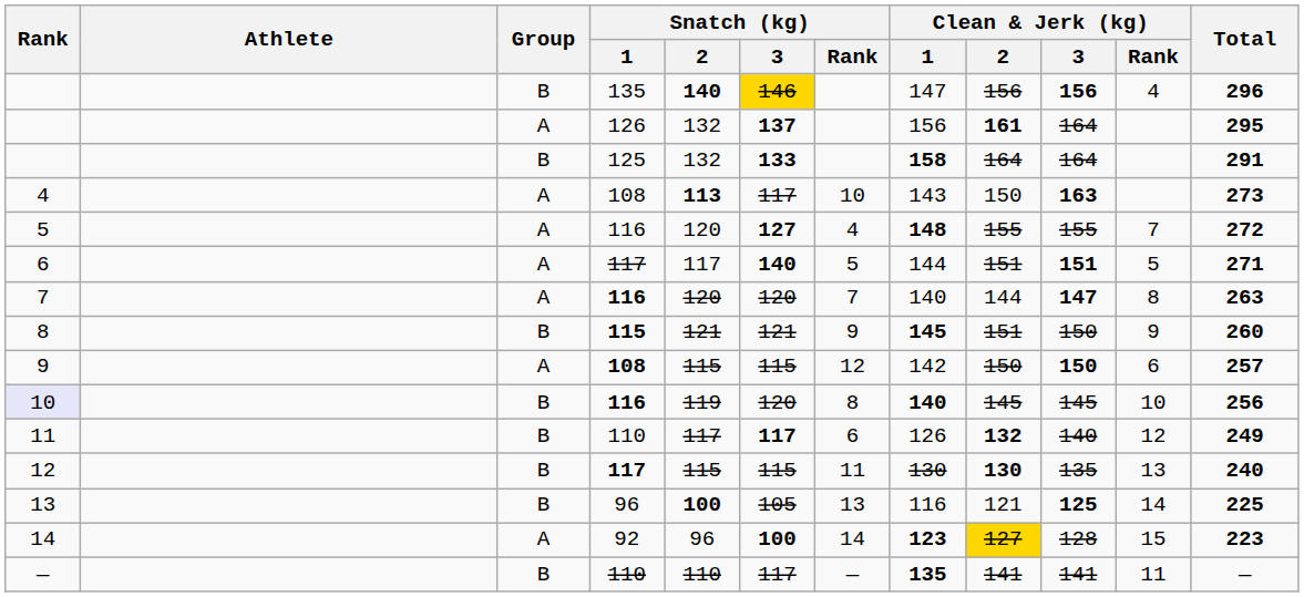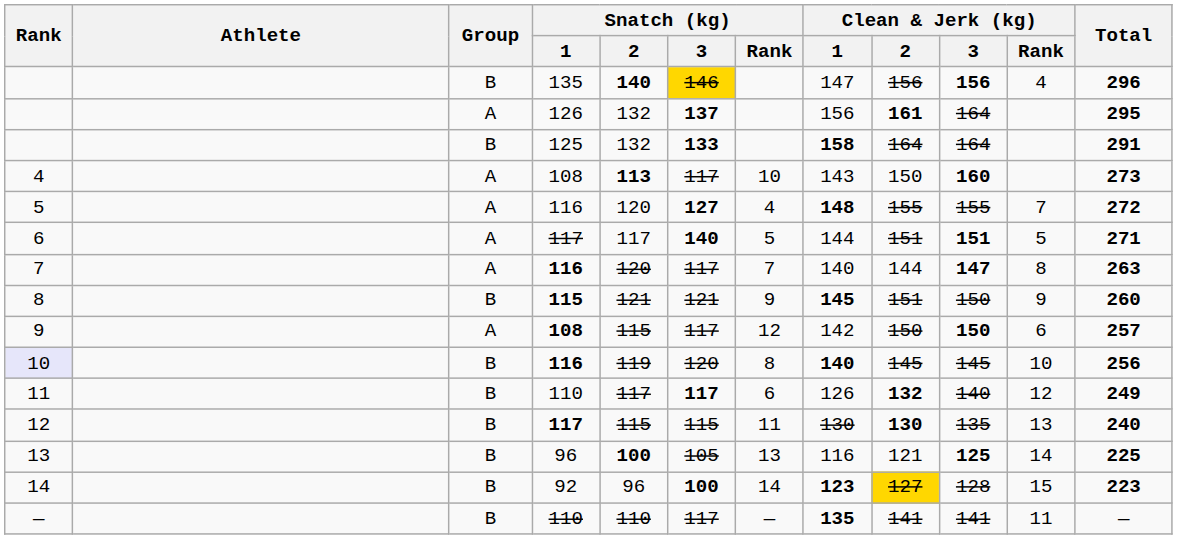 <table class = "wikitable" style="text-align:center;">
 <tr>
 <th rowspan=2 width=40>Rank</th>
 <th rowspan=2 width=250>Athlete</th>
 <th rowspan=2 width=50>Group</th>
 <th colspan=4>Snatch (kg)</th>
 <th colspan=4>Clean & Jerk (kg)</th>
 <th rowspan=2 width=60>Total</th>
 </tr>
 <tr>
 <th width=40>1</th>
 <th width=40>2</th>
 <th width=40>3</th>
 <th width=40>Rank</th>
 <th width=40>1</th>
 <th width=40>2</th>
 <th width=40>3</th>
 <th width=40>Rank</th>
 </tr>
 <tr>
 <td></td>
 <td align=left></td>
 <td>B</td>
 <td>135</td>
 <td><strong>140</strong></td>
 <td style="background: gold;"><s>146</s></td>
 <td></td>
 <td>147</td>
 <td><s>156</s></td>
 <td><strong>156</strong></td>
 <td>4</td>
 <td><strong>296</strong></td>
 </tr>
 <tr>
 <td></td>
 <td align=left></td>
 <td>A</td>
 <td>126</td>
 <td>132</td>
 <td><strong>137</strong></td>
 <td></td>
 <td>156</td>
 <td><strong>161</strong></td>
 <td><s>164</s></td>
 <td></td>
 <td><strong>295</strong></td>
 </tr>
 <tr>
 <td></td>
 <td align=left></td>
 <td>B</td>
 <td>125</td>
 <td>132</td>
 <td><strong>133</strong></td>
 <td></td>
 <td><strong>158</strong></td>
 <td><s>164</s></td>
 <td><s>164</s></td>
 <td></td>
 <td><strong>291</strong></td>
 </tr>
 <tr>
 <td>4</td>
 <td align=left></td>
 <td>A</td>
 <td>108</td>
 <td><strong>113</strong></td>
 <td><s>117</s></td>
 <td>10</td>
 <td>143</td>
 <td>150</td>
-<td><strong>163</strong></td>
+<td><strong>160</strong></td>
 <td></td>
 <td><strong>273</strong></td>
 </tr>
 <tr>
 <td>5</td>
 <td align=left></td>
 <td>A</td>
 <td>116</td>
 <td>120</td>
 <td><strong>127</strong></td>
 <td>4</td>
 <td><strong>148</strong></td>
 <td><s>155</s></td>
 <td><s>155</s></td>
 <td>7</td>
 <td><strong>272</strong></td>
 </tr>
 <tr>
 <td>6</td>
 <td align=left></td>
 <td>A</td>
 <td><s>117</s></td>
 <td>117</td>
 <td><strong>140</strong></td>
 <td>5</td>
 <td>144</td>
 <td><s>151</s></td>
 <td><strong>151</strong></td>
 <td>5</td>
 <td><strong>271</strong></td>
 </tr>
 <tr>
 <td>7</td>
 <td align=left></td>
 <td>A</td>
 <td><strong>116</strong></td>
 <td><s>120</s></td>
-<td><s>120</s></td>
+<td><s>117</s></td>
 <td>7</td>
 <td>140</td>
 <td>144</td>
 <td><strong>147</strong></td>
 <td>8</td>
 <td><strong>263</strong></td>
 </tr>
 <tr>
 <td>8</td>
 <td align=left></td>
 <td>B</td>
 <td><strong>115</strong></td>
 <td><s>121</s></td>
 <td><s>121</s></td>
 <td>9</td>
 <td><strong>145</strong></td>
 <td><s>151</s></td>
 <td><s>150</s></td>
 <td>9</td>
 <td><strong>260</strong></td>
 </tr>
 <tr>
 <td>9</td>
 <td align=left></td>
 <td>A</td>
 <td><strong>108</strong></td>
 <td><s>115</s></td>
-<td><s>115</s></td>
+<td><s>117</s></td>
 <td>12</td>
 <td>142</td>
 <td><s>150</s></td>
 <td><strong>150</strong></td>
 <td>6</td>
 <td><strong>257</strong></td>
 </tr>
 <tr>
 <td style="background: lavender;">10</td>
 <td align=left></td>
 <td>B</td>
 <td><strong>116</strong></td>
 <td><s>119</s></td>
 <td><s>120</s></td>
 <td>8</td>
 <td><strong>140</strong></td>
 <td><s>145</s></td>
 <td><s>145</s></td>
 <td>10</td>
 <td><strong>256</strong></td>
 </tr>
 <tr>
 <td>11</td>
 <td align=left></td>
 <td>B</td>
 <td>110</td>
 <td><s>117</s></td>
 <td><strong>117</strong></td>
 <td>6</td>
 <td>126</td>
 <td><strong>132</strong></td>
 <td><s>140</s></td>
 <td>12</td>
 <td><strong>249</strong></td>
 </tr>
 <tr>
 <td>12</td>
 <td align=left></td>
 <td>B</td>
 <td><strong>117</strong></td>
 <td><s>115</s></td>
 <td><s>115</s></td>
 <td>11</td>
 <td><s>130</s></td>
 <td><strong>130</strong></td>
 <td><s>135</s></td>
 <td>13</td>
 <td><strong>240</strong></td>
 </tr>
 <tr>
 <td>13</td>
 <td align=left></td>
 <td>B</td>
 <td>96</td>
 <td><strong>100</strong></td>
 <td><s>105</s></td>
 <td>13</td>
 <td>116</td>
 <td>121</td>
 <td><strong>125</strong></td>
 <td>14</td>
 <td><strong>225</strong></td>
 </tr>
 <tr>
 <td>14</td>
 <td align=left></td>
-<td>A</td>
+<td>B</td>
 <td>92</td>
 <td>96</td>
 <td><strong>100</strong></td>
 <td>14</td>
 <td><strong>123</strong></td>
 <td style="background: gold;"><s>127</s></td>
 <td><s>128</s></td>
 <td>15</td>
 <td><strong>223</strong></td>
 </tr>
 <tr>
 <td>—</td>
 <td align=left></td>
 <td>B</td>
 <td><s>110</s></td>
 <td><s>110</s></td>
 <td><s>117</s></td>
 <td>—</td>
 <td><strong>135</strong></td>
 <td><s>141</s></td>
 <td><s>141</s></td>
 <td>11</td>
 <td>—</td>
 </tr>
 </table>
